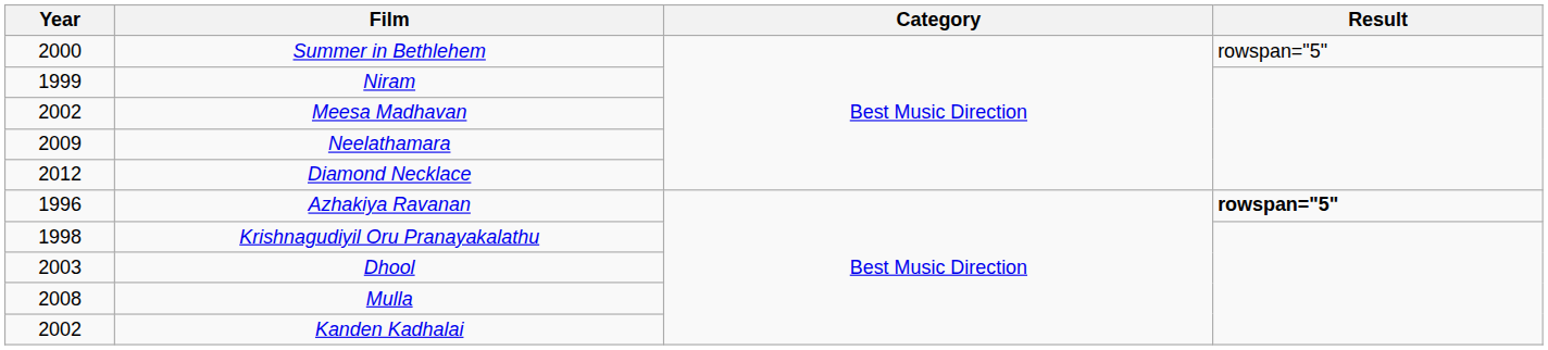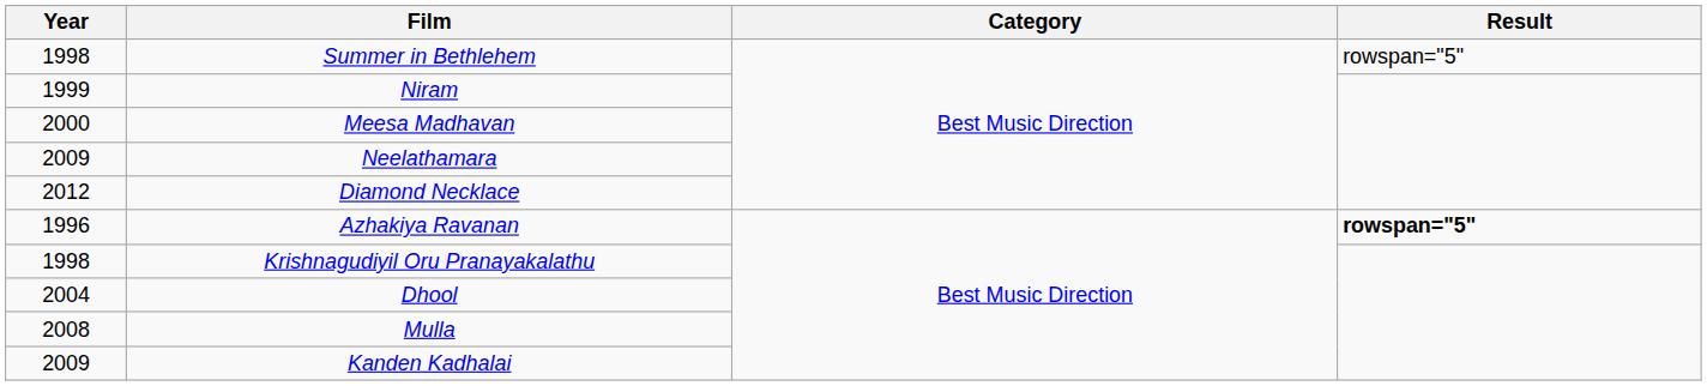 <table class="wikitable" style="width:100%;">
 <tr>
 <th width=5%>Year</th>
 <th style="width:25%;">Film</th>
 <th style="width:25%;">Category</th>
 <th style="width:15%;">Result</th>
 </tr>
 <tr>
-<td style="text-align:center;">2000</td>
+<td style="text-align:center;">1998</td>
 <td style="text-align:center;"><em><a href='#'>Summer in Bethlehem</a></em></td>
 <td style="text-align:center;" rowspan="5"><a href='#'>Best Music Direction</a></td>
 <td>rowspan="5" </td>
 </tr>
 <tr style="text-align:center;">
 <td>1999</td>
 <td><em><a href='#'>Niram</a></em></td>
 </tr>
 <tr style="text-align:center;">
-<td>2002</td>
+<td>2000</td>
 <td><em><a href='#'>Meesa Madhavan</a></em></td>
 </tr>
 <tr>
 <td style="text-align:center;">2009</td>
 <td style="text-align:center;"><em><a href='#'>Neelathamara</a></em></td>
 </tr>
 <tr>
 <td style="text-align:center;">2012</td>
 <td style="text-align:center;"><em><a href='#'>Diamond Necklace</a></em></td>
 </tr>
 <tr>
 <td style="text-align:center;">1996</td>
 <td style="text-align:center;"><em><a href='#'>Azhakiya Ravanan</a></em></td>
 <td style="text-align:center;" rowspan="5"><a href='#'>Best Music Direction</a></td>
 <td><strong>rowspan="5" </strong></td>
 </tr>
 <tr style="text-align:center;">
 <td>1998</td>
 <td><em><a href='#'>Krishnagudiyil Oru Pranayakalathu</a></em></td>
 </tr>
 <tr style="text-align:center;">
-<td>2003</td>
+<td>2004</td>
 <td><em><a href='#'>Dhool</a></em></td>
 </tr>
 <tr>
 <td style="text-align:center;">2008</td>
 <td style="text-align:center;"><em><a href='#'>Mulla</a></em></td>
 </tr>
 <tr style="text-align:center;">
-<td>2002</td>
+<td>2009</td>
 <td><em><a href='#'>Kanden Kadhalai</a></em></td>
 </tr>
 </table>
